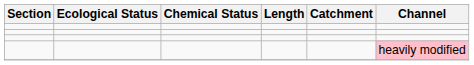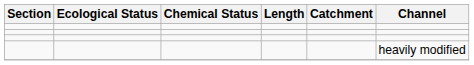 <table class="wikitable">
 <tr>
 <th>Section</th>
 <th>Ecological Status</th>
 <th>Chemical Status</th>
 <th>Length</th>
 <th>Catchment</th>
 <th>Channel</th>
 </tr>
 <tr>
 <td></td>
 <td></td>
 <td></td>
 <td></td>
 <td></td>
 <td></td>
 </tr>
 <tr>
 <td></td>
 <td></td>
 <td></td>
 <td></td>
 <td></td>
 <td></td>
 </tr>
 <tr>
 <td></td>
 <td></td>
 <td></td>
 <td></td>
 <td></td>
 <td></td>
 </tr>
 <tr>
 <td></td>
 <td></td>
 <td></td>
 <td></td>
 <td></td>
-<td style="background: pink;">heavily modified</td>
+<td>heavily modified</td>
 </tr>
 <tr>
 </tr>
 </table>
